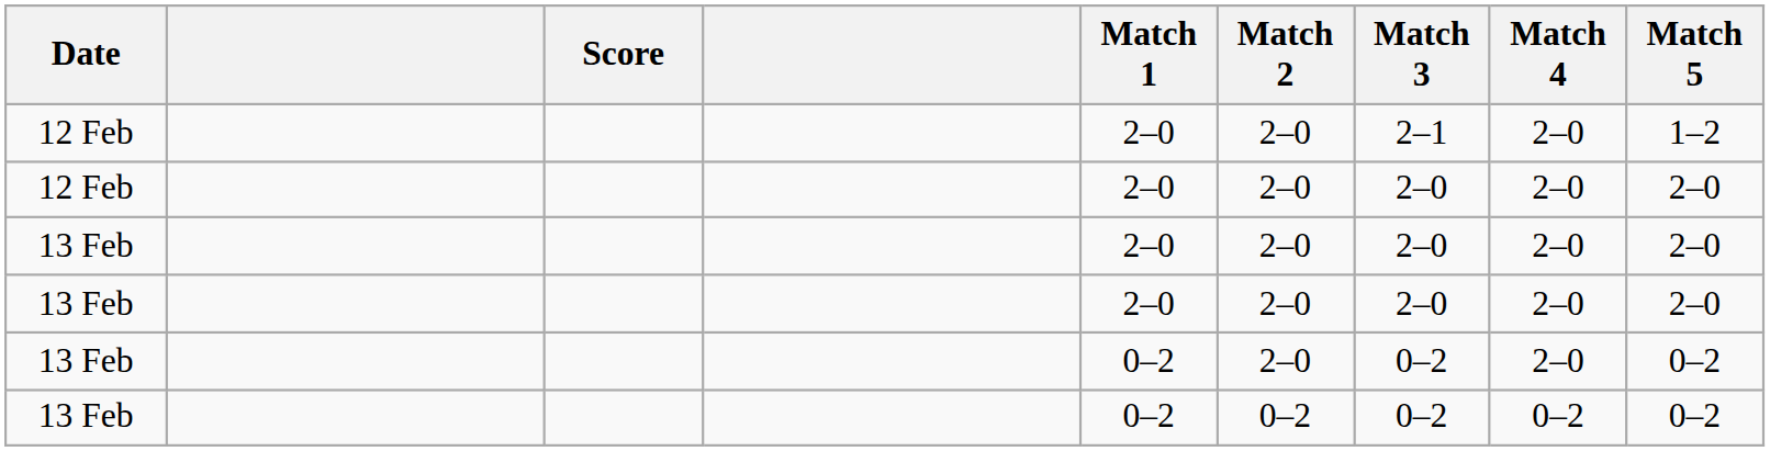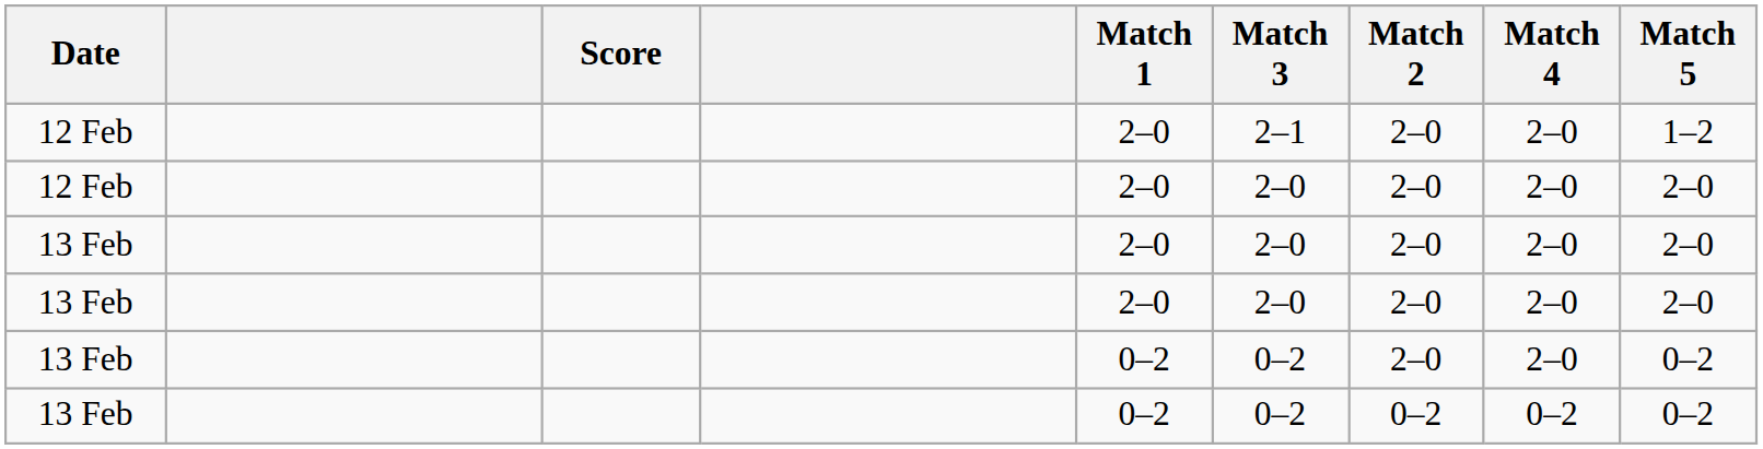 <table class="wikitable" style="text-align: center; font-size:90% ">
 <tr>
 <th width="60">Date</th>
 <th align="right" width="150"></th>
 <th width="60">Score</th>
 <th align="left" width="150"></th>
 <th width="50">Match 1</th>
+<th width="50">Match 3</th>
 <th width="50">Match 2</th>
-<th width="50">Match 3</th>
 <th width="50">Match 4</th>
 <th width="50">Match 5</th>
 </tr>
 <tr>
 <td>12 Feb</td>
 <td align=left><strong></strong></td>
 <td align=center></td>
 <td align=left></td>
 <td>2–0</td>
+<td>2–1</td>
 <td>2–0</td>
-<td>2–1</td>
 <td>2–0</td>
 <td>1–2</td>
 </tr>
 <tr>
 <td>12 Feb</td>
 <td align=left><strong></strong></td>
 <td align=center></td>
 <td align=left></td>
 <td>2–0</td>
 <td>2–0</td>
 <td>2–0</td>
 <td>2–0</td>
 <td>2–0</td>
 </tr>
 <tr>
 <td>13 Feb</td>
 <td align=left><strong></strong></td>
 <td align=center></td>
 <td align=left></td>
 <td>2–0</td>
 <td>2–0</td>
 <td>2–0</td>
 <td>2–0</td>
 <td>2–0</td>
 </tr>
 <tr>
 <td>13 Feb</td>
 <td align=left><strong></strong></td>
 <td align=center></td>
 <td align=left></td>
 <td>2–0</td>
 <td>2–0</td>
 <td>2–0</td>
 <td>2–0</td>
 <td>2–0</td>
 </tr>
 <tr>
 <td>13 Feb</td>
 <td align=left></td>
 <td align=center></td>
 <td align=left><strong></strong></td>
 <td>0–2</td>
+<td>0–2</td>
 <td>2–0</td>
-<td>0–2</td>
 <td>2–0</td>
 <td>0–2</td>
 </tr>
 <tr>
 <td>13 Feb</td>
 <td align=left></td>
 <td align=center></td>
 <td align=left><strong></strong></td>
 <td>0–2</td>
 <td>0–2</td>
 <td>0–2</td>
 <td>0–2</td>
 <td>0–2</td>
 </tr>
 </table>
